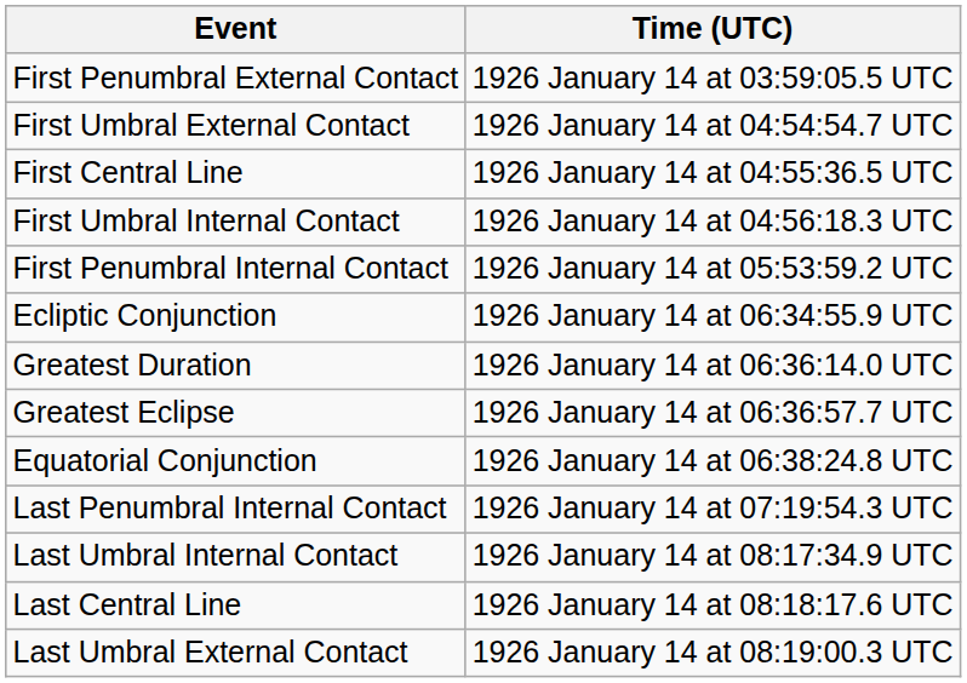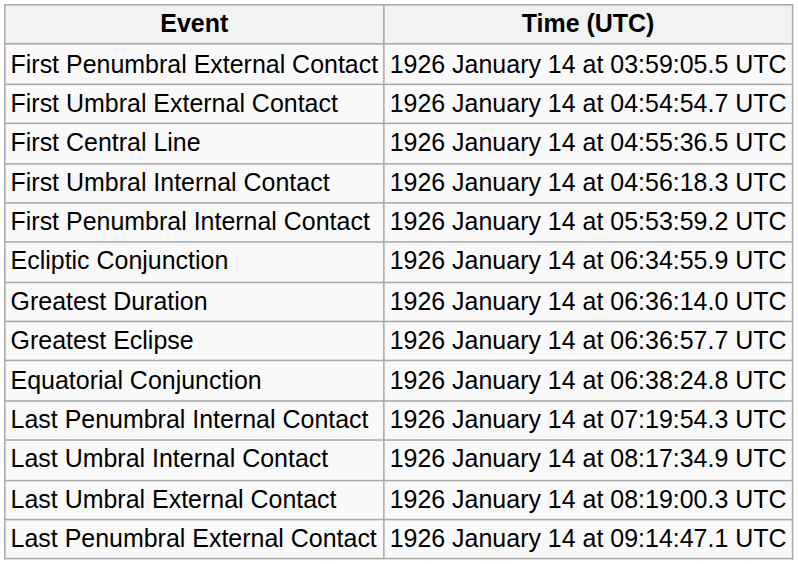 <table class="wikitable">
 <tr>
 <th>Event</th>
 <th>Time (UTC)</th>
 </tr>
 <tr>
 <td>First Penumbral External Contact</td>
 <td>1926 January 14 at 03:59:05.5 UTC</td>
 </tr>
 <tr>
 <td>First Umbral External Contact</td>
 <td>1926 January 14 at 04:54:54.7 UTC</td>
 </tr>
 <tr>
 <td>First Central Line</td>
 <td>1926 January 14 at 04:55:36.5 UTC</td>
 </tr>
 <tr>
 <td>First Umbral Internal Contact</td>
 <td>1926 January 14 at 04:56:18.3 UTC</td>
 </tr>
 <tr>
 <td>First Penumbral Internal Contact</td>
 <td>1926 January 14 at 05:53:59.2 UTC</td>
 </tr>
 <tr>
 <td>Ecliptic Conjunction</td>
 <td>1926 January 14 at 06:34:55.9 UTC</td>
 </tr>
 <tr>
 <td>Greatest Duration</td>
 <td>1926 January 14 at 06:36:14.0 UTC</td>
 </tr>
 <tr>
 <td>Greatest Eclipse</td>
 <td>1926 January 14 at 06:36:57.7 UTC</td>
 </tr>
 <tr>
 <td>Equatorial Conjunction</td>
 <td>1926 January 14 at 06:38:24.8 UTC</td>
 </tr>
 <tr>
 <td>Last Penumbral Internal Contact</td>
 <td>1926 January 14 at 07:19:54.3 UTC</td>
 </tr>
 <tr>
 <td>Last Umbral Internal Contact</td>
 <td>1926 January 14 at 08:17:34.9 UTC</td>
 </tr>
 <tr>
-<td>Last Central Line</td>
-<td>1926 January 14 at 08:18:17.6 UTC</td>
-</tr>
-<tr>
 <td>Last Umbral External Contact</td>
 <td>1926 January 14 at 08:19:00.3 UTC</td>
 </tr>
+<tr>
+<td>Last Penumbral External Contact</td>
+<td>1926 January 14 at 09:14:47.1 UTC</td>
+</tr>
 </table>
